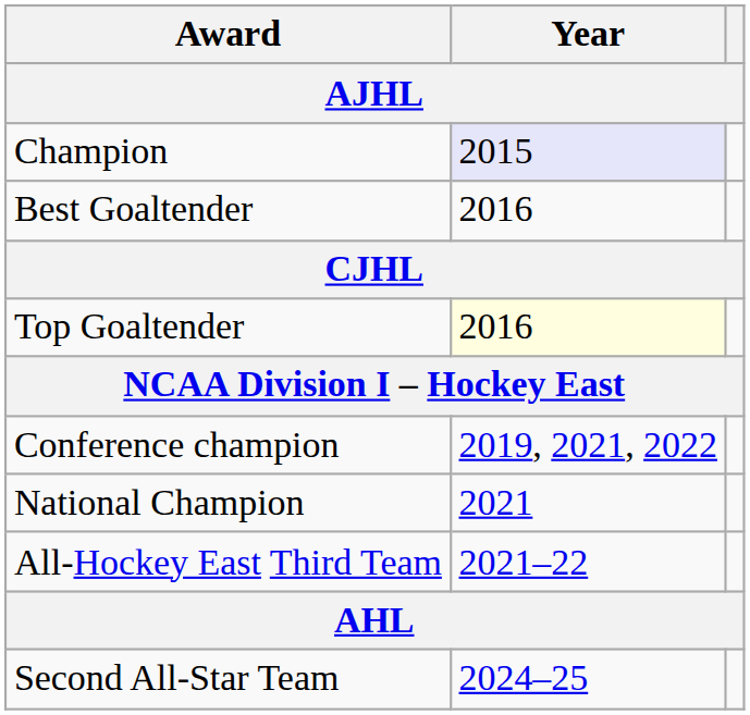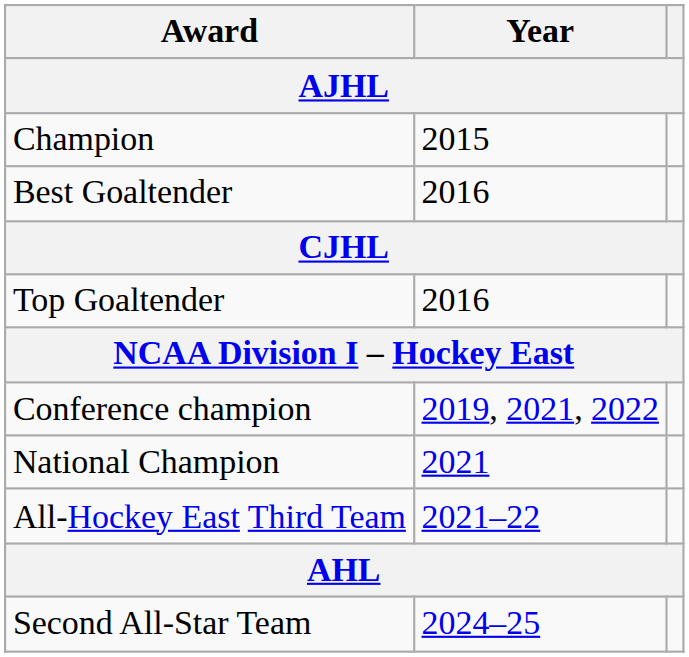 <table class="wikitable">
 <tr>
 <th>Award</th>
 <th>Year</th>
 <th></th>
 </tr>
 <tr>
 <th colspan="3"><a href='#'>AJHL</a></th>
 </tr>
 <tr>
 <td>Champion</td>
-<td style="background: lavender;">2015</td>
+<td>2015</td>
 <td></td>
 </tr>
 <tr>
 <td>Best Goaltender</td>
 <td>2016</td>
 <td></td>
 </tr>
 <tr>
 <th colspan="3"><a href='#'>CJHL</a></th>
 </tr>
 <tr>
 <td>Top Goaltender</td>
-<td style="background: lightyellow;">2016</td>
+<td>2016</td>
 <td></td>
 </tr>
 <tr>
 <th colspan="3"><a href='#'>NCAA Division I</a> – <a href='#'>Hockey East</a></th>
 </tr>
 <tr>
 <td>Conference champion</td>
 <td><a href='#'>2019</a>, <a href='#'>2021</a>, <a href='#'>2022</a></td>
 <td></td>
 </tr>
 <tr>
 <td>National Champion</td>
 <td><a href='#'>2021</a></td>
 <td></td>
 </tr>
 <tr>
 <td>All-<a href='#'>Hockey East</a> <a href='#'>Third Team</a></td>
 <td><a href='#'>2021–22</a></td>
 <td></td>
 </tr>
 <tr>
 <th colspan="3"><a href='#'>AHL</a></th>
 </tr>
 <tr>
 <td>Second All-Star Team</td>
 <td><a href='#'>2024–25</a></td>
 <td></td>
 </tr>
 </table>
